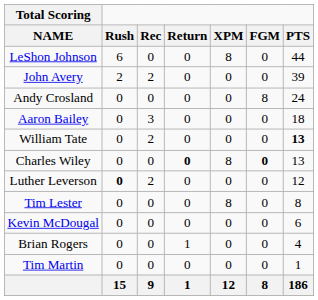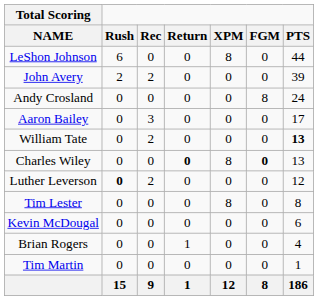 <table class="wikitable sortable" style="text-align:center;">
 <tr>
 <th style="text-align:center;">Total Scoring</th>
 </tr>
 <tr>
 <th>NAME</th>
 <th>Rush</th>
 <th>Rec</th>
 <th>Return</th>
 <th>XPM</th>
 <th>FGM</th>
 <th>PTS</th>
 </tr>
 <tr>
 <td><a href='#'>LeShon Johnson</a></td>
 <td>6</td>
 <td>0</td>
 <td>0</td>
 <td>8</td>
 <td>0</td>
 <td>44</td>
 </tr>
 <tr>
 <td><a href='#'>John Avery</a></td>
 <td>2</td>
 <td>2</td>
 <td>0</td>
 <td>0</td>
 <td>0</td>
 <td>39</td>
 </tr>
 <tr>
 <td>Andy Crosland</td>
 <td>0</td>
 <td>0</td>
 <td>0</td>
 <td>0</td>
 <td>8</td>
 <td>24</td>
 </tr>
 <tr>
 <td><a href='#'>Aaron Bailey</a></td>
 <td>0</td>
 <td>3</td>
 <td>0</td>
 <td>0</td>
 <td>0</td>
-<td>18</td>
+<td>17</td>
 </tr>
 <tr>
 <td>William Tate</td>
 <td>0</td>
 <td>2</td>
 <td>0</td>
 <td>0</td>
 <td>0</td>
 <td><strong>13</strong></td>
 </tr>
 <tr>
 <td>Charles Wiley</td>
 <td>0</td>
 <td>0</td>
 <td><strong>0</strong></td>
 <td>8</td>
 <td><strong>0</strong></td>
 <td>13</td>
 </tr>
 <tr>
 <td>Luther Leverson</td>
 <td><strong>0</strong></td>
 <td>2</td>
 <td>0</td>
 <td>0</td>
 <td>0</td>
 <td>12</td>
 </tr>
 <tr>
 <td><a href='#'>Tim Lester</a></td>
 <td>0</td>
 <td>0</td>
 <td>0</td>
 <td>8</td>
 <td>0</td>
 <td>8</td>
 </tr>
 <tr>
 <td><a href='#'>Kevin McDougal</a></td>
 <td>0</td>
 <td>0</td>
 <td>0</td>
 <td>0</td>
 <td>0</td>
 <td>6</td>
 </tr>
 <tr>
 <td>Brian Rogers</td>
 <td>0</td>
 <td>0</td>
 <td><abbr>1</abbr></td>
 <td>0</td>
 <td>0</td>
 <td>4</td>
 </tr>
 <tr>
 <td><a href='#'>Tim Martin</a></td>
 <td>0</td>
 <td>0</td>
 <td>0</td>
 <td>0</td>
 <td>0</td>
 <td>1</td>
 </tr>
 <tr>
 <th colspan="1"></th>
 <th>15</th>
 <th>9</th>
 <th>1</th>
 <th>12</th>
 <th>8</th>
 <th>186</th>
 </tr>
 </table>
